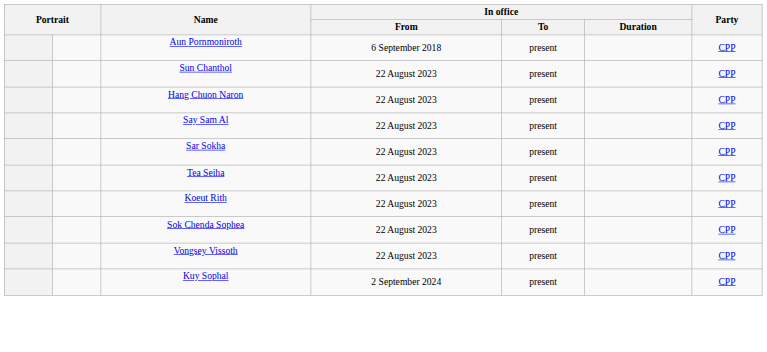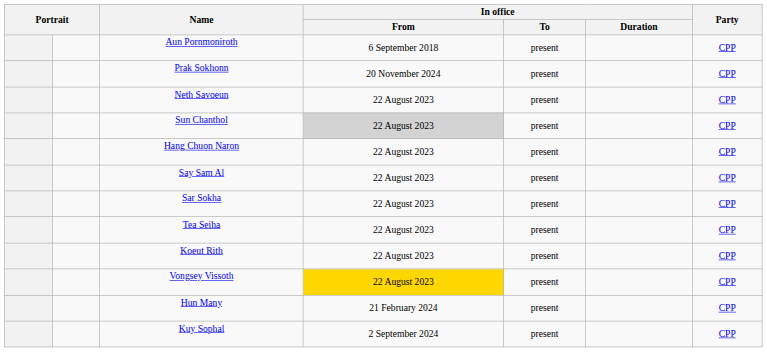 <table class="wikitable sortable" style="text-align:center; font-size:100%; width:100%; border:1px #AAAAFF solid">
 <tr>
 <th colspan="2" rowspan="2">Portrait</th>
 <th rowspan="2">Name</th>
 <th colspan="3">In office</th>
 <th rowspan="2">Party</th>
 </tr>
 <tr>
 <th>From</th>
 <th>To</th>
 <th>Duration</th>
 </tr>
 <tr>
 <th style="background:"></th>
 <td></td>
 <td><a href='#'>Aun Pornmoniroth</a><br><br></td>
 <td>6 September 2018</td>
 <td>present</td>
 <td></td>
 <td><a href='#'>CPP</a></td>
 </tr>
 <tr>
 <th style="background:"></th>
 <td></td>
+<td><a href='#'>Prak Sokhonn</a><br><br></td>
+<td>20 November 2024</td>
+<td>present</td>
+<td></td>
+<td><a href='#'>CPP</a></td>
+</tr>
+<tr>
+<th style="background:"></th>
+<td></td>
+<td><a href='#'>Neth Savoeun</a><br><br></td>
+<td>22 August 2023</td>
+<td>present</td>
+<td></td>
+<td><a href='#'>CPP</a></td>
+</tr>
+<tr>
+<th style="background:"></th>
+<td></td>
 <td><a href='#'>Sun Chanthol</a><br><br></td>
-<td>22 August 2023</td>
+<td style="background: lightgrey;">22 August 2023</td>
 <td>present</td>
 <td></td>
 <td><a href='#'>CPP</a></td>
 </tr>
 <tr>
 <th style="background:"></th>
 <td></td>
 <td><a href='#'>Hang Chuon Naron</a><br><br></td>
 <td>22 August 2023</td>
 <td>present</td>
 <td></td>
 <td><a href='#'>CPP</a></td>
 </tr>
 <tr>
 <th style="background:"></th>
 <td></td>
 <td><a href='#'>Say Sam Al</a><br><br></td>
 <td>22 August 2023</td>
 <td>present</td>
 <td></td>
 <td><a href='#'>CPP</a></td>
 </tr>
 <tr>
 <th style="background:"></th>
 <td></td>
 <td><a href='#'>Sar Sokha</a><br><br></td>
 <td>22 August 2023</td>
 <td>present</td>
 <td></td>
 <td><a href='#'>CPP</a></td>
 </tr>
 <tr>
 <th style="background:"></th>
 <td></td>
 <td><a href='#'>Tea Seiha</a><br><br></td>
 <td>22 August 2023</td>
 <td>present</td>
 <td></td>
 <td><a href='#'>CPP</a></td>
 </tr>
 <tr>
 <th style="background:"></th>
 <td></td>
 <td><a href='#'>Koeut Rith</a><br><br></td>
 <td>22 August 2023</td>
 <td>present</td>
 <td></td>
 <td><a href='#'>CPP</a></td>
 </tr>
 <tr>
 <th style="background:"></th>
 <td></td>
-<td><a href='#'>Sok Chenda Sophea</a><br><br></td>
-<td>22 August 2023</td>
+<td><a href='#'>Vongsey Vissoth</a><br><br></td>
+<td style="background: gold;">22 August 2023</td>
 <td>present</td>
 <td></td>
 <td><a href='#'>CPP</a></td>
 </tr>
 <tr>
 <th style="background:"></th>
 <td></td>
-<td><a href='#'>Vongsey Vissoth</a><br><br></td>
-<td>22 August 2023</td>
+<td><a href='#'>Hun Many</a><br><br></td>
+<td>21 February 2024</td>
 <td>present</td>
 <td></td>
 <td><a href='#'>CPP</a></td>
 </tr>
 <tr>
 <th style="background:"></th>
 <td></td>
 <td><a href='#'>Kuy Sophal</a><br><br></td>
 <td>2 September 2024</td>
 <td>present</td>
 <td></td>
 <td><a href='#'>CPP</a></td>
 </tr>
 </table>
